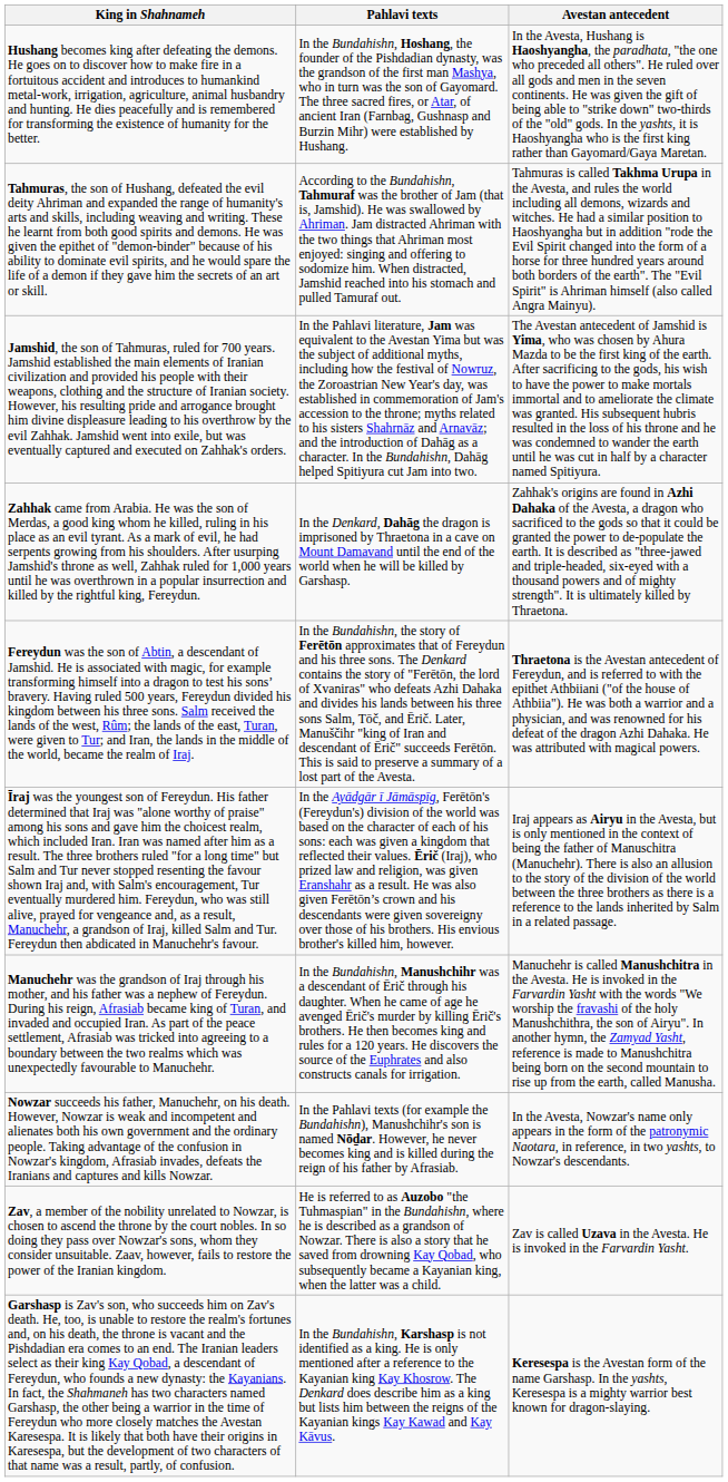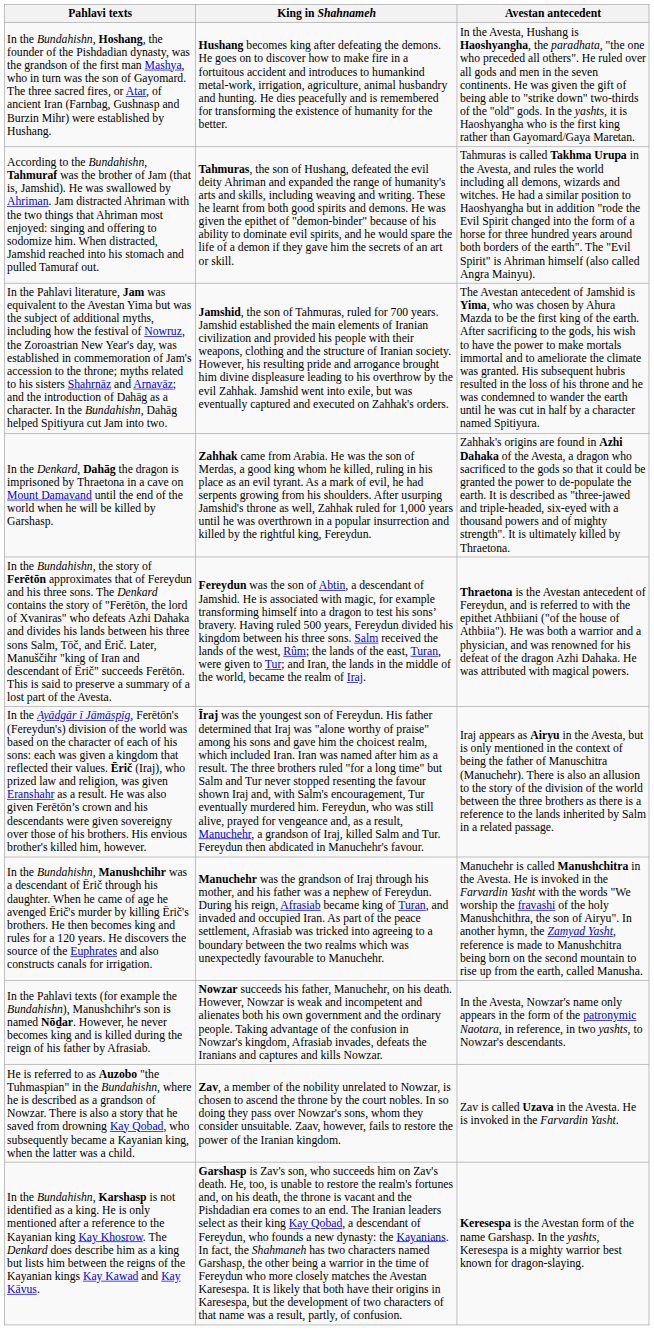 <table class=wikitable style="margin-left: auto; margin-right: auto; border: none;">
 <tr>
+<th scope=col style="width: 330px;">Pahlavi texts</th>
 <th scope=col style="width: 475px;">King in <em>Shahnameh</em></th>
-<th scope=col style="width: 330px;">Pahlavi texts</th>
 <th scope=col style="width: 330px;">Avestan antecedent</th>
 </tr>
 <tr>
+<td>In the <em>Bundahishn</em>, <strong>Hoshang</strong>, the founder of the Pishdadian dynasty, was the grandson of the first man <a href='#'>Mashya</a>, who in turn was the son of Gayomard. The three sacred fires, or <a href='#'>Atar</a>, of ancient Iran (Farnbag, Gushnasp and Burzin Mihr) were established by Hushang.</td>
 <td><strong>Hushang</strong> becomes king after defeating the demons. He goes on to discover how to make fire in a fortuitous accident and introduces to humankind metal-work, irrigation, agriculture, animal husbandry and hunting. He dies peacefully and is remembered for transforming the existence of humanity for the better.</td>
-<td>In the <em>Bundahishn</em>, <strong>Hoshang</strong>, the founder of the Pishdadian dynasty, was the grandson of the first man <a href='#'>Mashya</a>, who in turn was the son of Gayomard. The three sacred fires, or <a href='#'>Atar</a>, of ancient Iran (Farnbag, Gushnasp and Burzin Mihr) were established by Hushang.</td>
 <td>In the Avesta, Hushang is <strong>Haoshyangha</strong>, the <em>paradhata</em>, "the one who preceded all others". He ruled over all gods and men in the seven continents. He was given the gift of being able to "strike down" two-thirds of the "old" gods. In the <em>yashts</em>, it is Haoshyangha who is the first king rather than Gayomard/Gaya Maretan.</td>
 </tr>
 <tr>
+<td>According to the <em>Bundahishn</em>, <strong>Tahmuraf</strong> was the brother of Jam (that is, Jamshid). He was swallowed by <a href='#'>Ahriman</a>. Jam distracted Ahriman with the two things that Ahriman most enjoyed: singing and offering to sodomize him. When distracted, Jamshid reached into his stomach and pulled Tamuraf out.</td>
 <td><strong>Tahmuras</strong>, the son of Hushang, defeated the evil deity Ahriman and expanded the range of humanity's arts and skills, including weaving and writing. These he learnt from both good spirits and demons. He was given the epithet of "demon-binder" because of his ability to dominate evil spirits, and he would spare the life of a demon if they gave him the secrets of an art or skill.</td>
-<td>According to the <em>Bundahishn</em>, <strong>Tahmuraf</strong> was the brother of Jam (that is, Jamshid). He was swallowed by <a href='#'>Ahriman</a>. Jam distracted Ahriman with the two things that Ahriman most enjoyed: singing and offering to sodomize him. When distracted, Jamshid reached into his stomach and pulled Tamuraf out.</td>
 <td>Tahmuras is called <strong>Takhma Urupa</strong> in the Avesta, and rules the world including all demons, wizards and witches. He had a similar position to Haoshyangha but in addition "rode the Evil Spirit changed into the form of a horse for three hundred years around both borders of the earth". The "Evil Spirit" is Ahriman himself (also called Angra Mainyu).</td>
 </tr>
 <tr>
+<td>In the Pahlavi literature,  <strong>Jam</strong> was equivalent to the Avestan Yima but was the subject of additional myths, including how the festival of <a href='#'>Nowruz</a>, the Zoroastrian New Year's day, was established in commemoration of Jam's accession to the throne; myths related to his sisters <a href='#'>Shahrnāz</a> and <a href='#'>Arnavāz</a>; and the introduction of Dahāg as a character. In the <em>Bundahishn</em>,  Dahāg helped Spitiyura cut Jam into two.</td>
 <td><strong>Jamshid</strong>, the son of Tahmuras, ruled for 700 years. Jamshid established the main elements of Iranian civilization and provided his people with their weapons, clothing and the structure of Iranian society. However, his resulting pride and arrogance brought him divine displeasure leading to his overthrow by the evil Zahhak. Jamshid went into exile, but was eventually captured and executed on Zahhak's orders.</td>
-<td>In the Pahlavi literature,  <strong>Jam</strong> was equivalent to the Avestan Yima but was the subject of additional myths, including how the festival of <a href='#'>Nowruz</a>, the Zoroastrian New Year's day, was established in commemoration of Jam's accession to the throne; myths related to his sisters <a href='#'>Shahrnāz</a> and <a href='#'>Arnavāz</a>; and the introduction of Dahāg as a character. In the <em>Bundahishn</em>,  Dahāg helped Spitiyura cut Jam into two.</td>
 <td>The Avestan antecedent of Jamshid is <strong>Yima</strong>, who was chosen by Ahura Mazda to be the first king of the earth. After sacrificing to the gods, his wish to have the power to make mortals immortal and to ameliorate the climate was granted. His subsequent hubris resulted in the loss of his throne and he was condemned to wander the earth until he was cut in half by a character named Spitiyura.</td>
 </tr>
 <tr>
+<td>In the <em>Denkard</em>, <strong>Dahāg</strong> the dragon is imprisoned by Thraetona in a cave on <a href='#'>Mount Damavand</a> until the end of the world when he will be killed by Garshasp.</td>
 <td><strong>Zahhak</strong> came from Arabia. He was the son of Merdas, a good king whom he killed, ruling in his place as an evil tyrant. As a mark of evil, he had serpents growing from his shoulders. After usurping Jamshid's throne as well, Zahhak ruled for 1,000 years until he was overthrown in a popular insurrection and killed by the rightful king, Fereydun.</td>
-<td>In the <em>Denkard</em>, <strong>Dahāg</strong> the dragon is imprisoned by Thraetona in a cave on <a href='#'>Mount Damavand</a> until the end of the world when he will be killed by Garshasp.</td>
 <td>Zahhak's origins are found in <strong>Azhi Dahaka</strong> of the Avesta, a dragon who sacrificed to the gods so that it could be granted the power to de-populate the earth. It is described as "three-jawed and triple-headed, six-eyed with a thousand powers and of mighty strength". It is ultimately killed by Thraetona.</td>
 </tr>
 <tr>
+<td>In the <em>Bundahishn</em>, the story of  <strong>Ferētōn</strong> approximates that of Fereydun and his three sons. The <em>Denkard</em> contains the story of "Ferētōn, the lord of Xvaniras" who defeats Azhi Dahaka and divides his lands between his three sons Salm, Tōč, and Ērič. Later, Manuščihr "king of Iran and descendant of Ērič" succeeds Ferētōn. This is said to preserve a summary of a lost part of the Avesta.</td>
 <td><strong>Fereydun</strong> was the son of <a href='#'>Abtin</a>, a descendant of Jamshid. He is associated with magic, for example transforming himself into a dragon to test his sons’ bravery. Having ruled 500 years, Fereydun divided his kingdom between his three sons. <a href='#'>Salm</a> received the lands of the west, <a href='#'>Rûm</a>; the lands of the east, <a href='#'>Turan</a>, were given to <a href='#'>Tur</a>; and Iran, the lands in the middle of the world, became the realm of <a href='#'>Iraj</a>.</td>
-<td>In the <em>Bundahishn</em>, the story of  <strong>Ferētōn</strong> approximates that of Fereydun and his three sons. The <em>Denkard</em> contains the story of "Ferētōn, the lord of Xvaniras" who defeats Azhi Dahaka and divides his lands between his three sons Salm, Tōč, and Ērič. Later, Manuščihr "king of Iran and descendant of Ērič" succeeds Ferētōn. This is said to preserve a summary of a lost part of the Avesta.</td>
 <td><strong>Thraetona</strong> is the Avestan antecedent of Fereydun, and is referred to with the epithet Athbiiani ("of the house of Athbiia"). He was both a warrior and a physician, and was renowned for his defeat of the dragon Azhi Dahaka. He was attributed with magical powers.</td>
 </tr>
 <tr>
+<td>In the <em><a href='#'>Ayādgār ī Jāmāspīg</a></em>, Ferētōn's (Fereydun's) division of the world was based on the character of each of his sons: each was given a kingdom that reflected their values.  <strong>Ērič</strong> (Iraj), who prized law and religion, was given <a href='#'>Eranshahr</a> as a result. He was also given Ferētōn’s crown and his descendants were given sovereigny over those of his brothers. His envious brother's killed him, however.</td>
 <td><strong>Īraj</strong> was the youngest son of Fereydun. His father determined that Iraj was "alone worthy of praise" among his sons and gave him the choicest realm, which included Iran. Iran was named after him as a result. The three brothers ruled "for a long time" but Salm and Tur never stopped resenting the favour shown Iraj and, with Salm's encouragement, Tur eventually murdered him. Fereydun, who was still alive, prayed for vengeance and, as a result, <a href='#'>Manuchehr</a>, a grandson of Iraj, killed Salm and Tur. Fereydun then abdicated in Manuchehr's favour.</td>
-<td>In the <em><a href='#'>Ayādgār ī Jāmāspīg</a></em>, Ferētōn's (Fereydun's) division of the world was based on the character of each of his sons: each was given a kingdom that reflected their values.  <strong>Ērič</strong> (Iraj), who prized law and religion, was given <a href='#'>Eranshahr</a> as a result. He was also given Ferētōn’s crown and his descendants were given sovereigny over those of his brothers. His envious brother's killed him, however.</td>
 <td>Iraj appears as  <strong>Airyu</strong> in the Avesta, but is only mentioned in the context of being the father of Manuschitra (Manuchehr). There is also an allusion to the story of the division of the world between the three brothers as there is a reference to the lands inherited by Salm in a related passage.</td>
 </tr>
 <tr>
+<td>In the <em>Bundahishn</em>, <strong>Manushchihr</strong> was a descendant of Ērič through his daughter. When he came of age he avenged Ērič's murder by killing Ērič's brothers. He then becomes king and rules for a 120 years. He discovers the source of the <a href='#'>Euphrates</a> and also constructs canals for irrigation.</td>
 <td><strong>Manuchehr</strong> was the grandson of Iraj through his mother, and his father was a nephew of Fereydun. During his reign, <a href='#'>Afrasiab</a> became king of <a href='#'>Turan</a>, and invaded and occupied Iran. As part of the peace settlement, Afrasiab was tricked into agreeing to a boundary between the two realms which was unexpectedly favourable to Manuchehr.</td>
-<td>In the <em>Bundahishn</em>, <strong>Manushchihr</strong> was a descendant of Ērič through his daughter. When he came of age he avenged Ērič's murder by killing Ērič's brothers. He then becomes king and rules for a 120 years. He discovers the source of the <a href='#'>Euphrates</a> and also constructs canals for irrigation.</td>
 <td>Manuchehr is called <strong>Manushchitra</strong> in the Avesta. He is invoked in the <em>Farvardin Yasht</em> with the words "We worship the <a href='#'>fravashi</a> of the holy Manushchithra, the son of Airyu". In another hymn, the <em><a href='#'>Zamyad Yasht</a></em>, reference is made to Manushchitra being born on the second mountain to rise up from the earth, called Manusha.</td>
 </tr>
 <tr>
+<td>In the Pahlavi texts (for example the <em>Bundahishn</em>), Manushchihr's son is named  <strong>Nōḏar</strong>. However, he never becomes king and is killed during the reign of his father by Afrasiab.</td>
 <td><strong>Nowzar</strong> succeeds his father, Manuchehr, on his death. However, Nowzar is weak and incompetent and alienates both his own government and the ordinary people. Taking advantage of the confusion in Nowzar's kingdom, Afrasiab invades, defeats the Iranians and captures and kills Nowzar.</td>
-<td>In the Pahlavi texts (for example the <em>Bundahishn</em>), Manushchihr's son is named  <strong>Nōḏar</strong>. However, he never becomes king and is killed during the reign of his father by Afrasiab.</td>
 <td>In the Avesta, Nowzar's name only appears in the form of the <a href='#'>patronymic</a> <em>Naotara</em>, in reference, in two <em>yashts</em>, to Nowzar's descendants.</td>
 </tr>
 <tr>
+<td>He is referred to as <strong>Auzobo</strong> "the Tuhmaspian" in the <em>Bundahishn</em>, where he is described as a grandson of Nowzar. There is also a story that he saved from drowning <a href='#'>Kay Qobad</a>, who subsequently became a Kayanian king, when the latter was a child.</td>
 <td><strong>Zav</strong>, a member of the nobility unrelated to Nowzar, is chosen to ascend the throne by the court nobles. In so doing they pass over Nowzar's sons, whom they consider unsuitable. Zaav, however, fails to restore the power of the Iranian kingdom.</td>
-<td>He is referred to as <strong>Auzobo</strong> "the Tuhmaspian" in the <em>Bundahishn</em>, where he is described as a grandson of Nowzar. There is also a story that he saved from drowning <a href='#'>Kay Qobad</a>, who subsequently became a Kayanian king, when the latter was a child.</td>
 <td>Zav is called <strong>Uzava</strong> in the Avesta. He is invoked in the <em>Farvardin Yasht</em>.</td>
 </tr>
 <tr>
+<td>In the <em>Bundahishn</em>, <strong>Karshasp</strong> is not identified as a king. He is only mentioned after a reference to the Kayanian king <a href='#'>Kay Khosrow</a>. The <em>Denkard</em> does describe him as a king but lists him between the reigns of the Kayanian kings <a href='#'>Kay Kawad</a> and <a href='#'>Kay Kāvus</a>.</td>
 <td><strong>Garshasp</strong> is Zav's son, who succeeds him on Zav's death. He, too, is unable to restore the realm's fortunes and, on his death, the throne is vacant and the Pishdadian era comes to an end. The Iranian leaders select as their king <a href='#'>Kay Qobad</a>, a descendant of Fereydun, who founds a new dynasty: the <a href='#'>Kayanians</a>. In fact, the <em>Shahmaneh</em> has two characters named Garshasp, the other being a warrior in the time of Fereydun who more closely matches the Avestan Karesespa. It is likely that both have their origins in Karesespa, but the development of two characters of that name was a result, partly, of confusion.</td>
-<td>In the <em>Bundahishn</em>, <strong>Karshasp</strong> is not identified as a king. He is only mentioned after a reference to the Kayanian king <a href='#'>Kay Khosrow</a>. The <em>Denkard</em> does describe him as a king but lists him between the reigns of the Kayanian kings <a href='#'>Kay Kawad</a> and <a href='#'>Kay Kāvus</a>.</td>
 <td><strong>Keresespa</strong> is the Avestan form of the name Garshasp. In the <em>yashts</em>, Keresespa is a mighty warrior best known for dragon-slaying.</td>
 </tr>
 </table>
